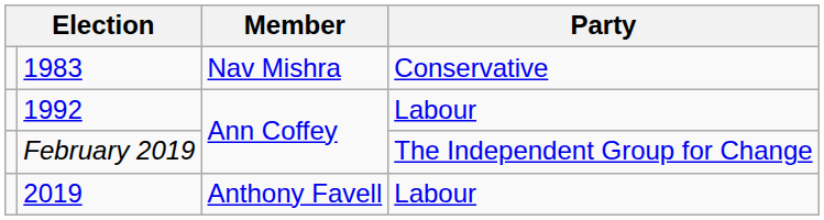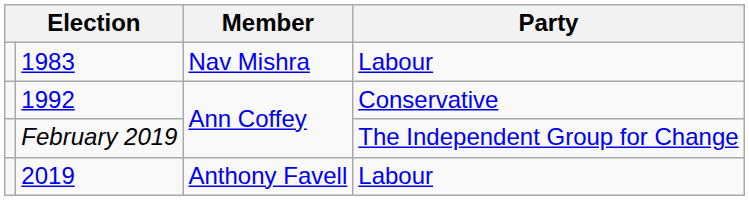 <table class="wikitable">
 <tr>
 <th colspan="2">Election</th>
 <th>Member</th>
 <th>Party</th>
 </tr>
 <tr>
 <td style="color:inherit;background-color: "></td>
 <td><a href='#'>1983</a></td>
 <td><a href='#'>Nav Mishra</a></td>
-<td><a href='#'>Conservative</a></td>
+<td><a href='#'>Labour</a></td>
 </tr>
 <tr>
 <td style="color:inherit;background-color: "></td>
 <td><a href='#'>1992</a></td>
 <td rowspan="2"><a href='#'>Ann Coffey</a></td>
-<td><a href='#'>Labour</a></td>
+<td><a href='#'>Conservative</a></td>
 </tr>
 <tr>
 <td style="color:inherit;background-color: "></td>
 <td><em>February 2019</em></td>
 <td><a href='#'>The Independent Group for Change</a></td>
 </tr>
 <tr>
 <td style="color:inherit;background-color: "></td>
 <td><a href='#'>2019</a></td>
 <td><a href='#'>Anthony Favell</a></td>
 <td><a href='#'>Labour</a></td>
 </tr>
 </table>
